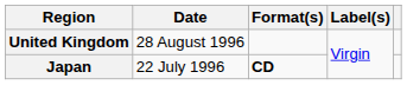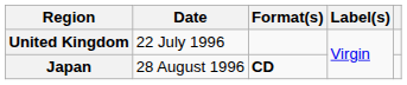 <table class="wikitable plainrowheaders">
 <tr>
 <th scope="col">Region</th>
 <th scope="col">Date</th>
 <th scope="col">Format(s)</th>
 <th scope="col">Label(s)</th>
 <th scope="col"></th>
 </tr>
 <tr>
 <th scope="row">United Kingdom</th>
-<td>28 August 1996</td>
+<td>22 July 1996</td>
 <td></td>
 <td rowspan="2"><a href='#'>Virgin</a></td>
 <td></td>
 </tr>
 <tr>
 <th scope="row">Japan</th>
-<td>22 July 1996</td>
+<td>28 August 1996</td>
 <td><strong>CD</strong></td>
 <td></td>
 </tr>
 </table>
